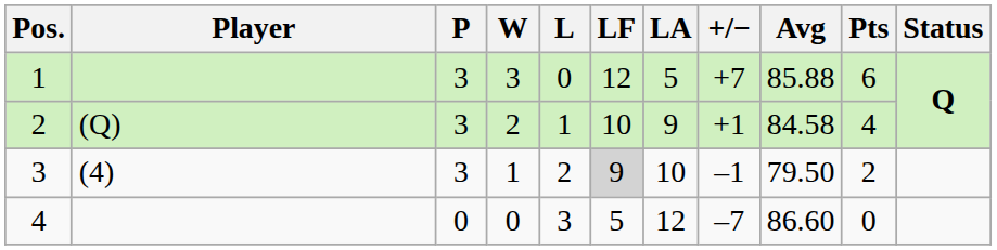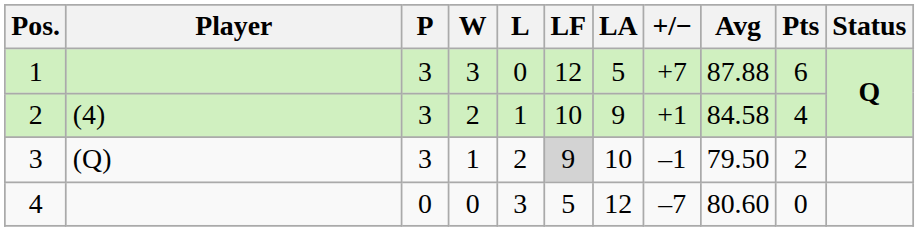 <table class="wikitable" style="text-align:center; margin: 1em auto 1em auto, align:left">
 <tr>
 <th width=20>Pos.</th>
 <th width=185>Player</th>
 <th width=20>P</th>
 <th width=20>W</th>
 <th width=20>L</th>
 <th width=20>LF</th>
 <th width=20>LA</th>
 <th width=25>+/−</th>
 <th width=30>Avg</th>
 <th width=20>Pts</th>
 <th width=40>Status</th>
 </tr>
 <tr style="background:#D0F0C0;">
 <td>1</td>
 <td align=left></td>
 <td>3</td>
 <td>3</td>
 <td>0</td>
 <td>12</td>
 <td>5</td>
 <td>+7</td>
-<td>85.88</td>
+<td>87.88</td>
 <td>6</td>
 <td rowspan=2><strong>Q</strong></td>
 </tr>
 <tr style="background:#D0F0C0;">
 <td>2</td>
-<td align=left> (Q)</td>
+<td align=left> (4)</td>
 <td>3</td>
 <td>2</td>
 <td>1</td>
 <td>10</td>
 <td>9</td>
 <td>+1</td>
 <td>84.58</td>
 <td>4</td>
 </tr>
 <tr>
 <td>3</td>
-<td align=left> (4)</td>
+<td align=left> (Q)</td>
 <td>3</td>
 <td>1</td>
 <td>2</td>
 <td style="background: lightgrey;">9</td>
 <td>10</td>
 <td>–1</td>
 <td>79.50</td>
 <td>2</td>
 <td></td>
 </tr>
 <tr>
 <td>4</td>
 <td align=left></td>
 <td>0</td>
 <td>0</td>
 <td>3</td>
 <td>5</td>
 <td>12</td>
 <td>–7</td>
-<td>86.60</td>
+<td>80.60</td>
 <td>0</td>
 <td></td>
 </tr>
 </table>
